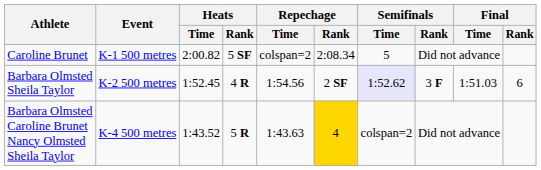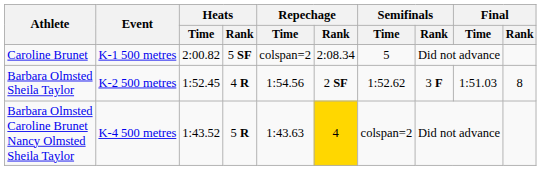 <table class=wikitable style="font-size:90%">
 <tr>
 <th rowspan="2">Athlete</th>
 <th rowspan="2">Event</th>
 <th colspan=2>Heats</th>
 <th colspan=2>Repechage</th>
 <th colspan=2>Semifinals</th>
 <th colspan=2>Final</th>
 </tr>
 <tr style="font-size:95%">
 <th>Time</th>
 <th>Rank</th>
 <th>Time</th>
 <th>Rank</th>
 <th>Time</th>
 <th>Rank</th>
 <th>Time</th>
 <th>Rank</th>
 </tr>
 <tr align=center>
 <td align=left><a href='#'>Caroline Brunet</a></td>
 <td align=left><a href='#'>K-1 500 metres</a></td>
 <td>2:00.82</td>
 <td>5 <strong>SF</strong></td>
 <td>colspan=2</td>
 <td>2:08.34</td>
 <td>5</td>
 <td colspan=2>Did not advance</td>
 </tr>
 <tr align=center>
 <td align=left><a href='#'>Barbara Olmsted</a><br><a href='#'>Sheila Taylor</a></td>
 <td align=left><a href='#'>K-2 500 metres</a></td>
 <td>1:52.45</td>
 <td>4 <strong>R</strong></td>
 <td>1:54.56</td>
 <td>2 <strong>SF</strong></td>
-<td style="background: lavender;">1:52.62</td>
+<td>1:52.62</td>
 <td>3 <strong>F</strong></td>
 <td>1:51.03</td>
-<td>6</td>
+<td>8</td>
 </tr>
 <tr align=center>
 <td align=left><a href='#'>Barbara Olmsted</a><br><a href='#'>Caroline Brunet</a><br><a href='#'>Nancy Olmsted</a><br><a href='#'>Sheila Taylor</a></td>
 <td align=left><a href='#'>K-4 500 metres</a></td>
 <td>1:43.52</td>
 <td>5 <strong>R</strong></td>
 <td>1:43.63</td>
 <td style="background: gold;">4</td>
 <td>colspan=2</td>
 <td colspan=2>Did not advance</td>
 </tr>
 </table>
